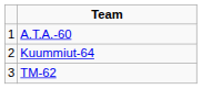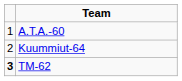 <table class="wikitable" style="text-align:center">
 <tr>
 <td><strong></strong></td>
 <td><strong>Team</strong></td>
 </tr>
 <tr>
 <td>1</td>
 <td align=left><a href='#'>A.T.A.-60</a></td>
 </tr>
 <tr>
 <td>2</td>
 <td align=left><a href='#'>Kuummiut-64</a>        </td>
 </tr>
 <tr>
-<td>3</td>
+<td><strong>3</strong></td>
 <td align=left><a href='#'>TM-62</a></td>
 </tr>
 </table>
